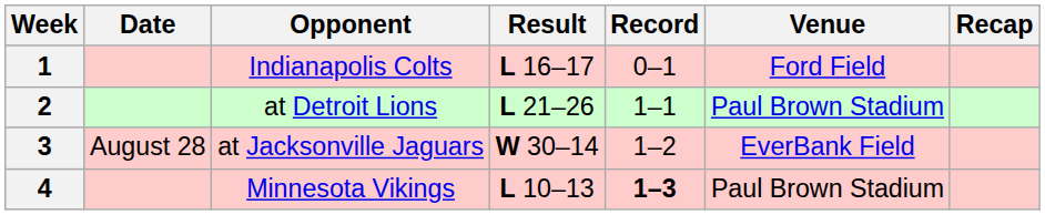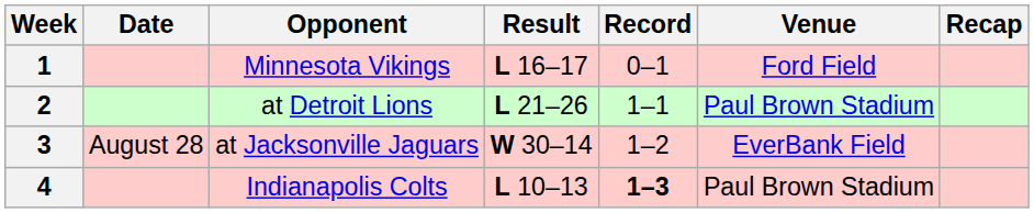 <table class="wikitable" style="text-align:center">
 <tr>
 <th>Week</th>
 <th>Date</th>
 <th>Opponent</th>
 <th>Result</th>
 <th>Record</th>
 <th>Venue</th>
 <th>Recap</th>
 </tr>
 <tr style="background:#fcc">
 <th>1</th>
 <td></td>
-<td><a href='#'>Indianapolis Colts</a></td>
+<td><a href='#'>Minnesota Vikings</a></td>
 <td><strong>L</strong> 16–17</td>
 <td>0–1</td>
 <td><a href='#'>Ford Field</a></td>
 <td></td>
 </tr>
 <tr style="background:#cfc">
 <th>2</th>
 <td></td>
 <td>at <a href='#'>Detroit Lions</a></td>
 <td><strong>L</strong> 21–26</td>
 <td>1–1</td>
 <td><a href='#'>Paul Brown Stadium</a></td>
 <td></td>
 </tr>
 <tr style="background:#fcc">
 <th>3</th>
 <td>August 28</td>
 <td>at <a href='#'>Jacksonville Jaguars</a></td>
 <td><strong>W</strong> 30–14</td>
 <td>1–2</td>
 <td><a href='#'>EverBank Field</a></td>
 <td></td>
 </tr>
 <tr style="background:#fcc">
 <th>4</th>
 <td></td>
-<td><a href='#'>Minnesota Vikings</a></td>
+<td><a href='#'>Indianapolis Colts</a></td>
 <td><strong>L</strong> 10–13</td>
 <td><strong>1–3</strong></td>
 <td>Paul Brown Stadium</td>
 <td></td>
 </tr>
 </table>
